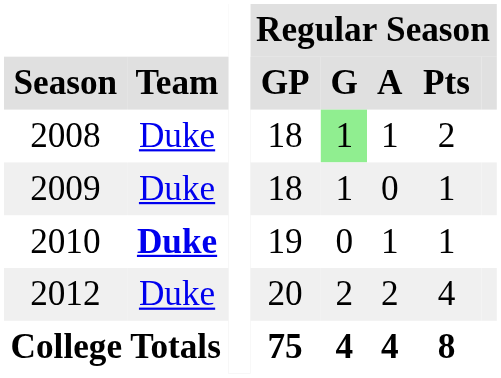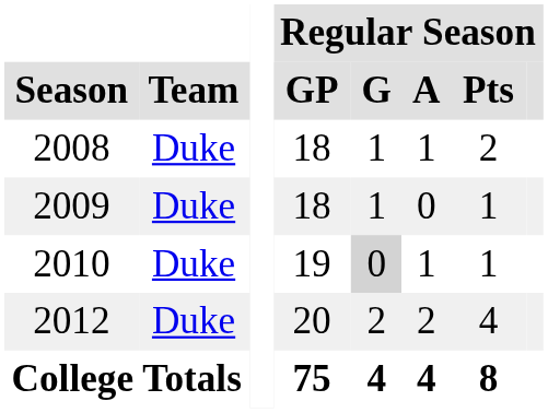 <table BORDER="0" CELLPADDING="3" CELLSPACING="0">
 <tr ALIGN="center" bgcolor="#e0e0e0">
 <th colspan="2" bgcolor="#ffffff"> </th>
 <th rowspan="99" bgcolor="#ffffff"> </th>
 <th colspan="6">Regular Season</th>
 </tr>
 <tr ALIGN="center" bgcolor="#e0e0e0">
 <th>Season</th>
 <th>Team</th>
 <th>GP</th>
 <th>G</th>
 <th>A</th>
 <th>Pts</th>
 <th></th>
 </tr>
 <tr ALIGN="center">
 <td>2008</td>
 <td><a href='#'>Duke</a></td>
 <td>18</td>
-<td style="background: lightgreen;">1</td>
+<td>1</td>
 <td>1</td>
 <td>2</td>
 <td></td>
 </tr>
 <tr ALIGN="center" bgcolor="#f0f0f0">
 <td>2009</td>
 <td><a href='#'>Duke</a></td>
 <td>18</td>
 <td>1</td>
 <td>0</td>
 <td>1</td>
 <td></td>
 </tr>
 <tr ALIGN="center">
 <td>2010</td>
-<td><strong><a href='#'>Duke</a></strong></td>
+<td><a href='#'>Duke</a></td>
 <td>19</td>
-<td>0</td>
+<td style="background: lightgrey;">0</td>
 <td>1</td>
 <td>1</td>
 <td></td>
 </tr>
 <tr ALIGN="center" bgcolor="#f0f0f0">
 <td>2012</td>
 <td><a href='#'>Duke</a></td>
 <td>20</td>
 <td>2</td>
 <td>2</td>
 <td>4</td>
 <td></td>
 </tr>
 <tr ALIGN="center">
 <th colspan="2">College Totals</th>
 <th>75</th>
 <th>4</th>
 <th>4</th>
 <th>8</th>
 <th></th>
 </tr>
 </table>
